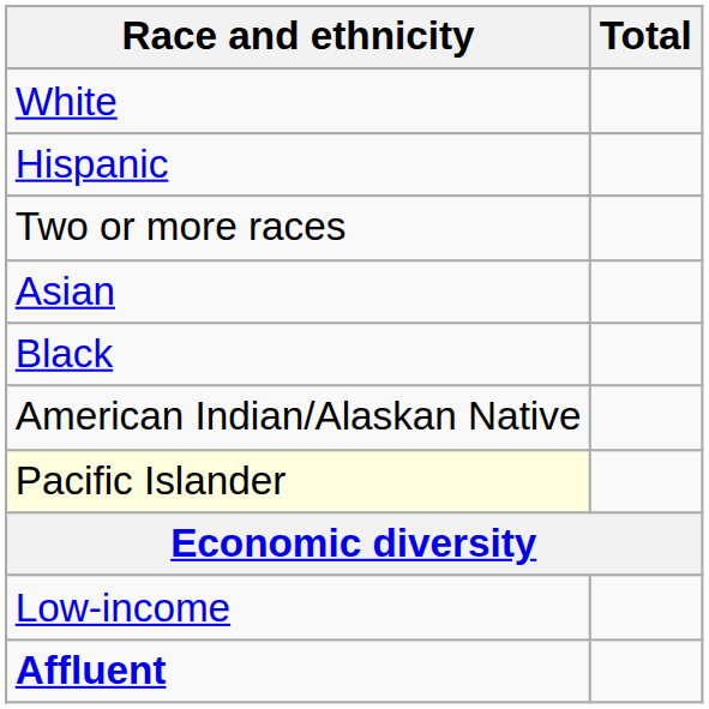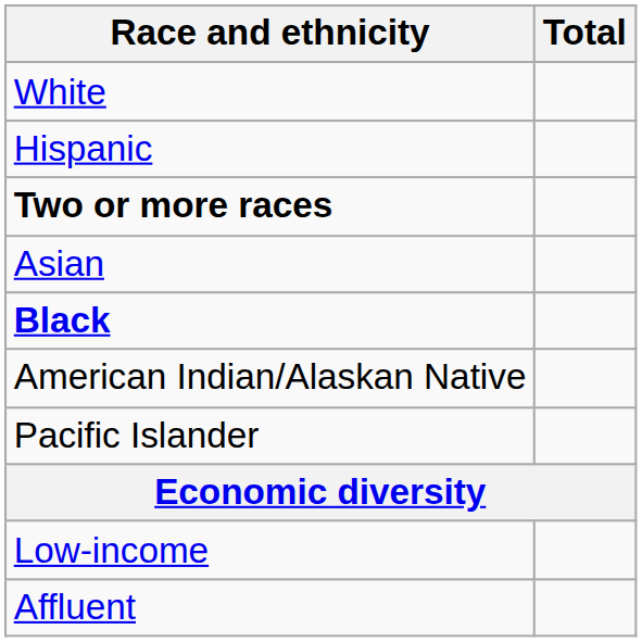 <table class="wikitable floatright sortable collapsible"; text-align:right; font-size:80%;">
 <tr>
 <th>Race and ethnicity</th>
 <th colspan="2" data-sort-type=number>Total</th>
 </tr>
 <tr>
 <td><a href='#'>White</a></td>
 <td align=right></td>
 </tr>
 <tr>
 <td><a href='#'>Hispanic</a></td>
 <td align=right></td>
 </tr>
 <tr>
-<td>Two or more races</td>
+<td><strong>Two or more races</strong></td>
 <td align=right></td>
 </tr>
 <tr>
 <td><a href='#'>Asian</a></td>
 <td align=right></td>
 </tr>
 <tr>
-<td><a href='#'>Black</a></td>
+<td><strong><a href='#'>Black</a></strong></td>
 <td align=right></td>
 </tr>
 <tr>
 <td>American Indian/Alaskan Native</td>
 <td align=right></td>
 </tr>
 <tr>
-<td style="background: lightyellow;">Pacific Islander</td>
+<td>Pacific Islander</td>
 <td align=right></td>
 </tr>
 <tr>
 <th colspan="4" data-sort-type=number><a href='#'>Economic diversity</a></th>
 </tr>
 <tr>
 <td><a href='#'>Low-income</a></td>
 <td align=right></td>
 </tr>
 <tr>
-<td><strong><a href='#'>Affluent</a></strong></td>
+<td><a href='#'>Affluent</a></td>
 <td align=right></td>
 </tr>
 </table>
